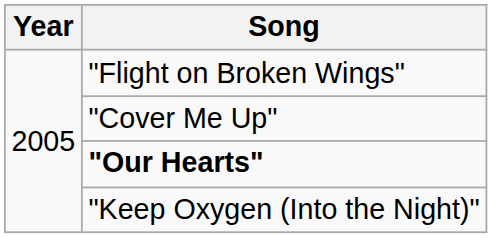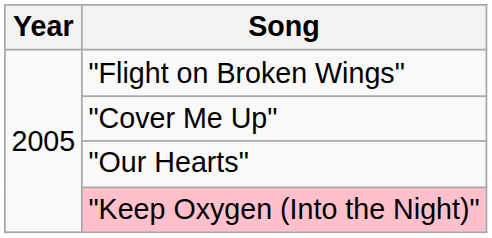 <table class="wikitable">
 <tr>
 <th>Year</th>
 <th>Song</th>
 </tr>
 <tr>
 <td rowspan="4">2005</td>
 <td>"Flight on Broken Wings"</td>
 </tr>
 <tr>
 <td>"Cover Me Up"</td>
 </tr>
 <tr>
-<td><strong>"Our Hearts"</strong></td>
+<td>"Our Hearts"</td>
 </tr>
 <tr>
-<td>"Keep Oxygen (Into the Night)"</td>
+<td style="background: pink;">"Keep Oxygen (Into the Night)"</td>
 </tr>
 </table>
